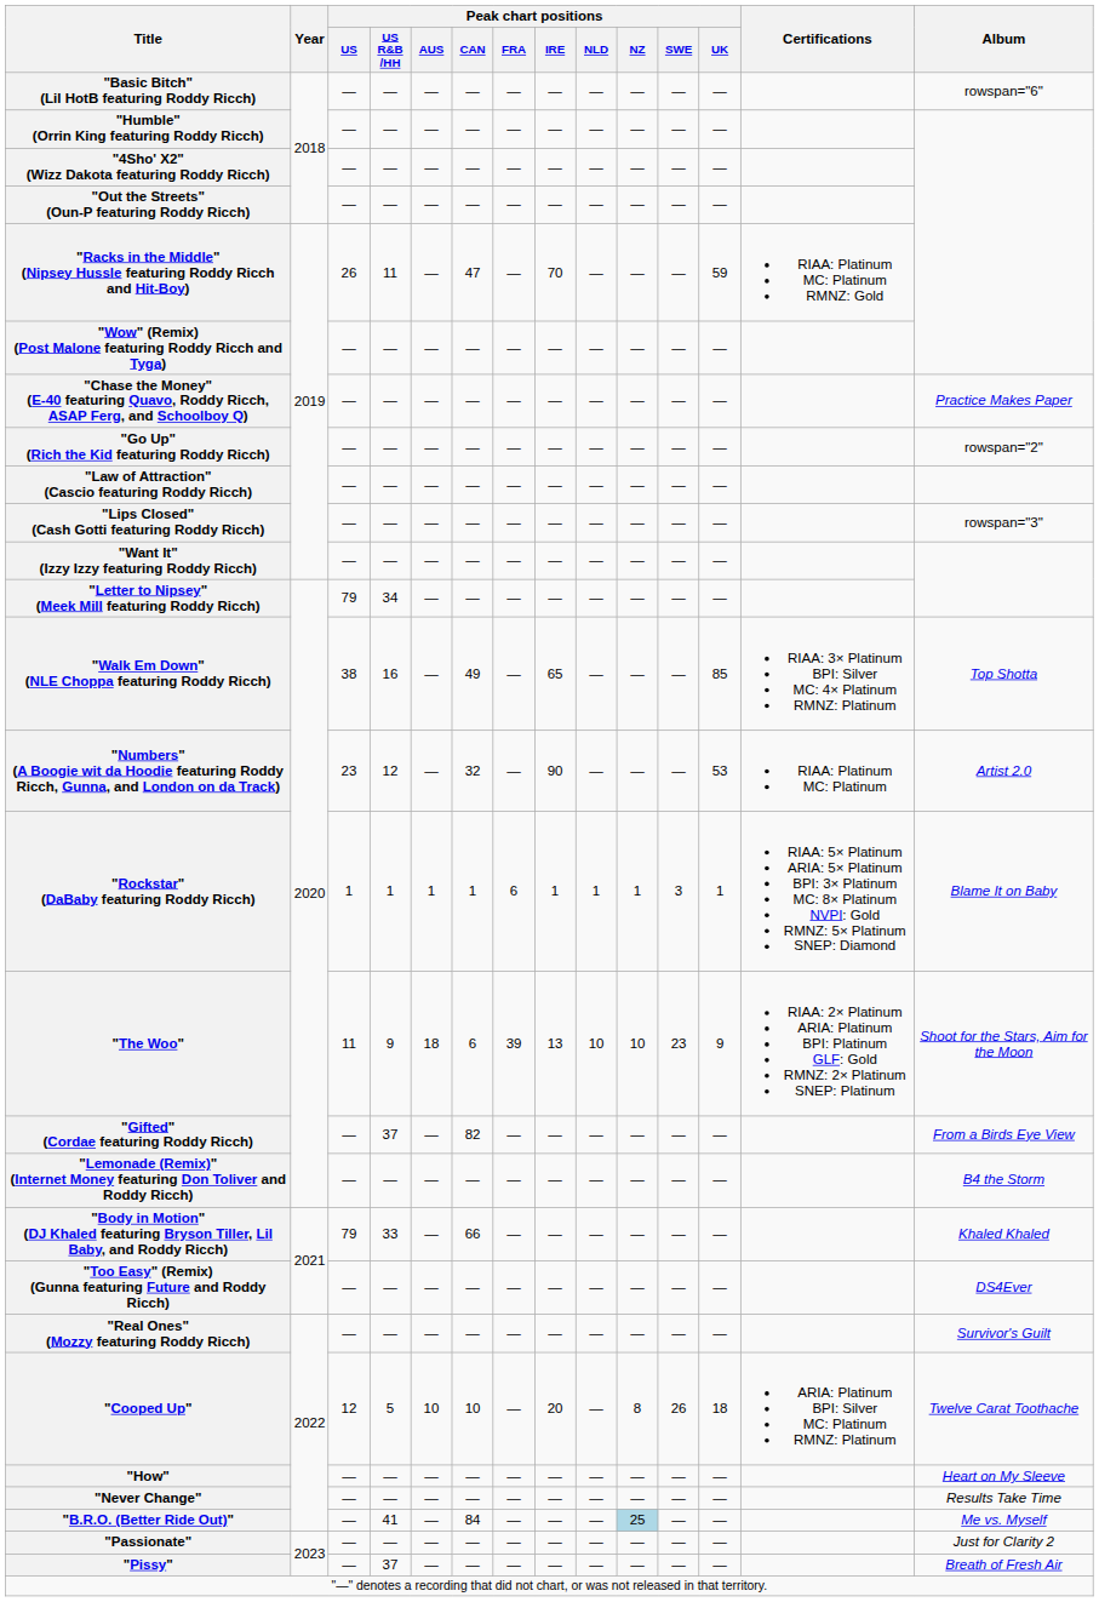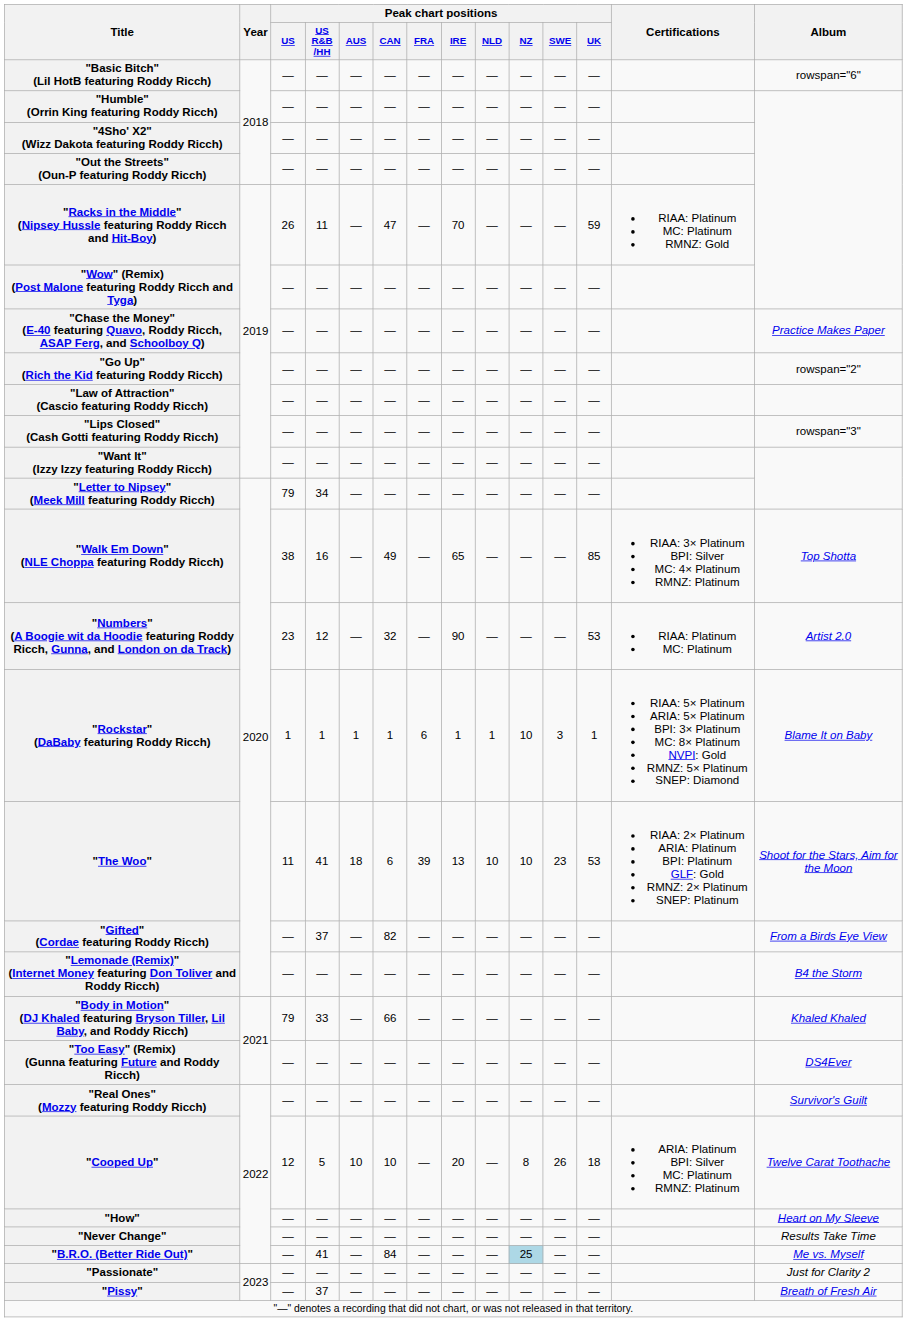 <table class="wikitable plainrowheaders" style="text-align:center;">
 <tr>
 <th scope="col" rowspan="2" style="width:20em;">Title</th>
 <th scope="col" rowspan="2" style="width:1em;">Year</th>
 <th scope="col" colspan="10">Peak chart positions</th>
 <th scope="col" rowspan="2" style="width:12em;">Certifications</th>
 <th scope="col" rowspan="2">Album</th>
 </tr>
 <tr>
 <th scope="col" style="width:3em;font-size:85%;"><a href='#'>US</a><br></th>
 <th scope="col" style="width:3em;font-size:85%;"><a href='#'>US<br>R&B<br>/HH</a><br></th>
 <th scope="col" style="width:3em;font-size:85%;"><a href='#'>AUS</a><br></th>
 <th scope="col" style="width:3em;font-size:85%;"><a href='#'>CAN</a><br></th>
 <th scope="col" style="width:3em;font-size:85%;"><a href='#'>FRA</a><br></th>
 <th scope="col" style="width:3em;font-size:85%;"><a href='#'>IRE</a><br></th>
 <th scope="col" style="width:3em;font-size:85%;"><a href='#'>NLD</a><br></th>
 <th scope="col" style="width:3em;font-size:85%;"><a href='#'>NZ</a><br></th>
 <th scope="col" style="width:3em;font-size:85%;"><a href='#'>SWE</a><br></th>
 <th scope="col" style="width:3em;font-size:85%;"><a href='#'>UK</a><br></th>
 </tr>
 <tr>
 <th scope="row">"Basic Bitch"<br><span>(Lil HotB featuring Roddy Ricch)</span></th>
 <td rowspan="4">2018</td>
 <td>—</td>
 <td>—</td>
 <td>—</td>
 <td>—</td>
 <td>—</td>
 <td>—</td>
 <td>—</td>
 <td>—</td>
 <td>—</td>
 <td>—</td>
 <td></td>
 <td>rowspan="6" </td>
 </tr>
 <tr>
 <th scope="row">"Humble"<br><span>(Orrin King featuring Roddy Ricch)</span></th>
 <td>—</td>
 <td>—</td>
 <td>—</td>
 <td>—</td>
 <td>—</td>
 <td>—</td>
 <td>—</td>
 <td>—</td>
 <td>—</td>
 <td>—</td>
 <td></td>
 </tr>
 <tr>
 <th scope="row">"4Sho' X2"<br><span>(Wizz Dakota featuring Roddy Ricch)</span></th>
 <td>—</td>
 <td>—</td>
 <td>—</td>
 <td>—</td>
 <td>—</td>
 <td>—</td>
 <td>—</td>
 <td>—</td>
 <td>—</td>
 <td>—</td>
 <td></td>
 </tr>
 <tr>
 <th scope="row">"Out the Streets"<br><span>(Oun-P featuring Roddy Ricch)</span></th>
 <td>—</td>
 <td>—</td>
 <td>—</td>
 <td>—</td>
 <td>—</td>
 <td>—</td>
 <td>—</td>
 <td>—</td>
 <td>—</td>
 <td>—</td>
 <td></td>
 </tr>
 <tr>
 <th scope="row">"<a href='#'>Racks in the Middle</a>"<br><span>(<a href='#'>Nipsey Hussle</a> featuring Roddy Ricch and <a href='#'>Hit-Boy</a>)</span></th>
 <td rowspan="7">2019</td>
 <td>26</td>
 <td>11</td>
 <td>—</td>
 <td>47</td>
 <td>—</td>
 <td>70</td>
 <td>—</td>
 <td>—</td>
 <td>—</td>
 <td>59</td>
 <td><br><ul><li>RIAA: Platinum</li><li>MC: Platinum</li><li>RMNZ: Gold</li></ul></td>
 </tr>
 <tr>
 <th scope="row">"<a href='#'>Wow</a>" (Remix)<br><span>(<a href='#'>Post Malone</a> featuring Roddy Ricch and <a href='#'>Tyga</a>)</span></th>
 <td>—</td>
 <td>—</td>
 <td>—</td>
 <td>—</td>
 <td>—</td>
 <td>—</td>
 <td>—</td>
 <td>—</td>
 <td>—</td>
 <td>—</td>
 <td></td>
 </tr>
 <tr>
 <th scope="row">"Chase the Money"<br><span>(<a href='#'>E-40</a> featuring <a href='#'>Quavo</a>, Roddy Ricch, <a href='#'>ASAP Ferg</a>, and <a href='#'>Schoolboy Q</a>)</span></th>
 <td>—</td>
 <td>—</td>
 <td>—</td>
 <td>—</td>
 <td>—</td>
 <td>—</td>
 <td>—</td>
 <td>—</td>
 <td>—</td>
 <td>—</td>
 <td></td>
 <td><em><a href='#'>Practice Makes Paper</a></em></td>
 </tr>
 <tr>
 <th scope="row">"Go Up"<br><span>(<a href='#'>Rich the Kid</a> featuring Roddy Ricch)</span></th>
 <td>—</td>
 <td>—</td>
 <td>—</td>
 <td>—</td>
 <td>—</td>
 <td>—</td>
 <td>—</td>
 <td>—</td>
 <td>—</td>
 <td>—</td>
 <td></td>
 <td>rowspan="2" </td>
 </tr>
 <tr>
 <th scope="row">"Law of Attraction"<br><span>(Cascio featuring Roddy Ricch)</span></th>
 <td>—</td>
 <td>—</td>
 <td>—</td>
 <td>—</td>
 <td>—</td>
 <td>—</td>
 <td>—</td>
 <td>—</td>
 <td>—</td>
 <td>—</td>
 <td></td>
 </tr>
 <tr>
 <th scope="row">"Lips Closed"<br><span>(Cash Gotti featuring Roddy Ricch)</span></th>
 <td>—</td>
 <td>—</td>
 <td>—</td>
 <td>—</td>
 <td>—</td>
 <td>—</td>
 <td>—</td>
 <td>—</td>
 <td>—</td>
 <td>—</td>
 <td></td>
 <td>rowspan="3" </td>
 </tr>
 <tr>
 <th scope="row">"Want It"<br><span>(Izzy Izzy featuring Roddy Ricch)</span></th>
 <td>—</td>
 <td>—</td>
 <td>—</td>
 <td>—</td>
 <td>—</td>
 <td>—</td>
 <td>—</td>
 <td>—</td>
 <td>—</td>
 <td>—</td>
 <td></td>
 </tr>
 <tr>
 <th scope="row">"<a href='#'>Letter to Nipsey</a>"<br><span>(<a href='#'>Meek Mill</a> featuring Roddy Ricch)</span></th>
 <td rowspan="7">2020</td>
 <td>79</td>
 <td>34</td>
 <td>—</td>
 <td>—</td>
 <td>—</td>
 <td>—</td>
 <td>—</td>
 <td>—</td>
 <td>—</td>
 <td>—</td>
 <td></td>
 </tr>
 <tr>
 <th scope="row">"<a href='#'>Walk Em Down</a>"<br><span>(<a href='#'>NLE Choppa</a> featuring Roddy Ricch)</span></th>
 <td>38</td>
 <td>16</td>
 <td>—</td>
 <td>49</td>
 <td>—</td>
 <td>65</td>
 <td>—</td>
 <td>—</td>
 <td>—</td>
 <td>85</td>
 <td><br><ul><li>RIAA: 3× Platinum</li><li>BPI: Silver</li><li>MC: 4× Platinum</li><li>RMNZ: Platinum</li></ul></td>
 <td><em><a href='#'>Top Shotta</a></em></td>
 </tr>
 <tr>
 <th scope="row">"<a href='#'>Numbers</a>"<br><span>(<a href='#'>A Boogie wit da Hoodie</a> featuring Roddy Ricch, <a href='#'>Gunna</a>, and <a href='#'>London on da Track</a>)</span></th>
 <td>23</td>
 <td>12</td>
 <td>—</td>
 <td>32</td>
 <td>—</td>
 <td>90</td>
 <td>—</td>
 <td>—</td>
 <td>—</td>
 <td>53</td>
 <td><br><ul><li>RIAA: Platinum</li><li>MC: Platinum</li></ul></td>
 <td><em><a href='#'>Artist 2.0</a></em></td>
 </tr>
 <tr>
 <th scope="row">"<a href='#'>Rockstar</a>"<br><span>(<a href='#'>DaBaby</a> featuring Roddy Ricch)</span></th>
 <td>1</td>
 <td>1</td>
 <td>1</td>
 <td>1</td>
 <td>6</td>
 <td>1</td>
 <td>1</td>
-<td>1</td>
+<td>10</td>
 <td>3</td>
 <td>1</td>
 <td><br><ul><li>RIAA: 5× Platinum</li><li>ARIA: 5× Platinum</li><li>BPI: 3× Platinum</li><li>MC: 8× Platinum</li><li><a href='#'>NVPI</a>: Gold</li><li>RMNZ: 5× Platinum</li><li>SNEP: Diamond</li></ul></td>
 <td><em><a href='#'>Blame It on Baby</a></em></td>
 </tr>
 <tr>
 <th scope="row">"<a href='#'>The Woo</a>"<br></th>
 <td>11</td>
-<td>9</td>
+<td>41</td>
 <td>18</td>
 <td>6</td>
 <td>39</td>
 <td>13</td>
 <td>10</td>
 <td>10</td>
 <td>23</td>
-<td>9</td>
+<td>53</td>
 <td><br><ul><li>RIAA: 2× Platinum</li><li>ARIA: Platinum</li><li>BPI: Platinum</li><li><a href='#'>GLF</a>: Gold</li><li>RMNZ: 2× Platinum</li><li>SNEP: Platinum</li></ul></td>
 <td><em><a href='#'>Shoot for the Stars, Aim for the Moon</a></em></td>
 </tr>
 <tr>
 <th scope="row">"<a href='#'>Gifted</a>"<br><span>(<a href='#'>Cordae</a> featuring Roddy Ricch)</span></th>
 <td>—</td>
 <td>37</td>
 <td>—</td>
 <td>82</td>
 <td>—</td>
 <td>—</td>
 <td>—</td>
 <td>—</td>
 <td>—</td>
 <td>—</td>
 <td></td>
 <td><em><a href='#'>From a Birds Eye View</a></em></td>
 </tr>
 <tr>
 <th scope="row">"<a href='#'>Lemonade (Remix)</a>"<br><span>(<a href='#'>Internet Money</a> featuring <a href='#'>Don Toliver</a> and Roddy Ricch)</span></th>
 <td>—</td>
 <td>—</td>
 <td>—</td>
 <td>—</td>
 <td>—</td>
 <td>—</td>
 <td>—</td>
 <td>—</td>
 <td>—</td>
 <td>—</td>
 <td></td>
 <td><em><a href='#'>B4 the Storm</a></em></td>
 </tr>
 <tr>
 <th scope="row">"<a href='#'>Body in Motion</a>"<br><span>(<a href='#'>DJ Khaled</a> featuring <a href='#'>Bryson Tiller</a>, <a href='#'>Lil Baby</a>, and Roddy Ricch)</span></th>
 <td rowspan="2">2021</td>
 <td>79</td>
 <td>33</td>
 <td>—</td>
 <td>66</td>
 <td>—</td>
 <td>—</td>
 <td>—</td>
 <td>—</td>
 <td>—</td>
 <td>—</td>
 <td></td>
 <td><em><a href='#'>Khaled Khaled</a></em></td>
 </tr>
 <tr>
 <th scope="row">"<a href='#'>Too Easy</a>" (Remix)<br><span>(Gunna featuring <a href='#'>Future</a> and Roddy Ricch)</span></th>
 <td>—</td>
 <td>—</td>
 <td>—</td>
 <td>—</td>
 <td>—</td>
 <td>—</td>
 <td>—</td>
 <td>—</td>
 <td>—</td>
 <td>—</td>
 <td></td>
 <td><em><a href='#'>DS4Ever</a></em></td>
 </tr>
 <tr>
 <th scope="row">"Real Ones"<br><span>(<a href='#'>Mozzy</a> featuring Roddy Ricch)</span></th>
 <td rowspan="5">2022</td>
 <td>—</td>
 <td>—</td>
 <td>—</td>
 <td>—</td>
 <td>—</td>
 <td>—</td>
 <td>—</td>
 <td>—</td>
 <td>—</td>
 <td>—</td>
 <td></td>
 <td><a href='#'><em>Survivor's Guilt</em></a></td>
 </tr>
 <tr>
 <th scope="row">"<a href='#'>Cooped Up</a>"<br></th>
 <td>12</td>
 <td>5</td>
 <td>10</td>
 <td>10</td>
 <td>—</td>
 <td>20</td>
 <td>—</td>
 <td>8</td>
 <td>26</td>
 <td>18</td>
 <td><br><ul><li>ARIA: Platinum</li><li>BPI: Silver</li><li>MC: Platinum</li><li>RMNZ: Platinum</li></ul></td>
 <td><em><a href='#'>Twelve Carat Toothache</a></em></td>
 </tr>
 <tr>
 <th scope="row">"How"<br></th>
 <td>—</td>
 <td>—</td>
 <td>—</td>
 <td>—</td>
 <td>—</td>
 <td>—</td>
 <td>—</td>
 <td>—</td>
 <td>—</td>
 <td>—</td>
 <td></td>
 <td><em><a href='#'>Heart on My Sleeve</a></em></td>
 </tr>
 <tr>
 <th scope="row">"Never Change"<br></th>
 <td>—</td>
 <td>—</td>
 <td>—</td>
 <td>—</td>
 <td>—</td>
 <td>—</td>
 <td>—</td>
 <td>—</td>
 <td>—</td>
 <td>—</td>
 <td></td>
 <td><em>Results Take Time</em></td>
 </tr>
 <tr>
 <th scope="row">"<a href='#'>B.R.O. (Better Ride Out)</a>"<br></th>
 <td>—</td>
 <td>41</td>
 <td>—</td>
 <td>84</td>
 <td>—</td>
 <td>—</td>
 <td>—</td>
 <td style="background: lightblue;">25</td>
 <td>—</td>
 <td>—</td>
 <td></td>
 <td><em><a href='#'>Me vs. Myself</a></em></td>
 </tr>
 <tr>
 <th scope="row">"Passionate"<br></th>
 <td rowspan="2">2023</td>
 <td>—</td>
 <td>—</td>
 <td>—</td>
 <td>—</td>
 <td>—</td>
 <td>—</td>
 <td>—</td>
 <td>—</td>
 <td>—</td>
 <td>—</td>
 <td></td>
 <td><em>Just for Clarity 2</em></td>
 </tr>
 <tr>
 <th scope="row">"<a href='#'>Pissy</a>"<br></th>
 <td>—</td>
 <td>37</td>
 <td>—</td>
 <td>—</td>
 <td>—</td>
 <td>—</td>
 <td>—</td>
 <td>—</td>
 <td>—</td>
 <td>—</td>
 <td></td>
 <td><em><a href='#'>Breath of Fresh Air</a></em></td>
 </tr>
 <tr>
 <td colspan="14" style="font-size:90%">"—" denotes a recording that did not chart, or was not released in that territory.</td>
 </tr>
 </table>
